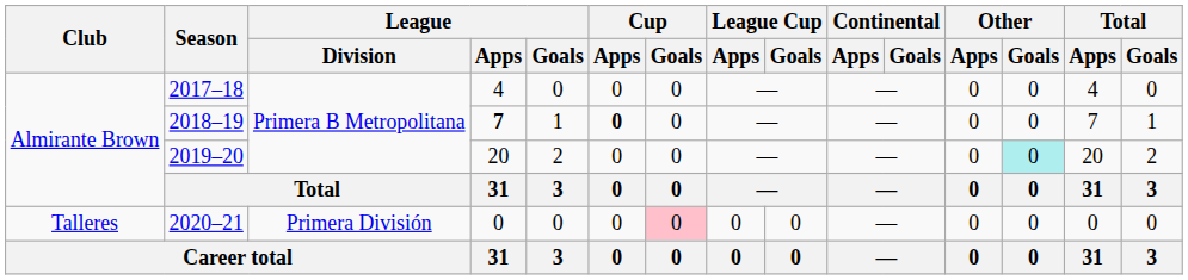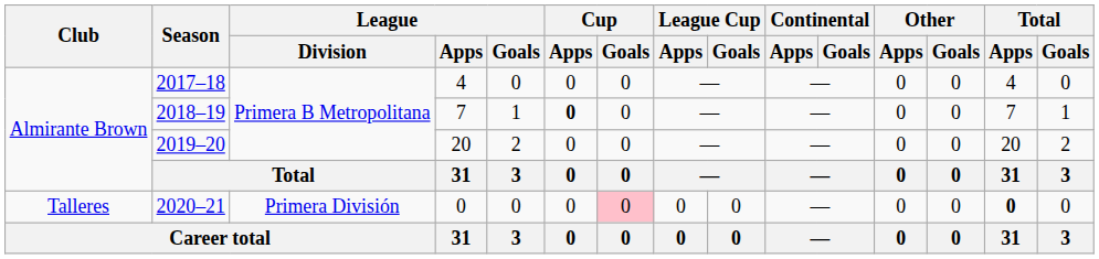 <table class="wikitable" style="text-align:center">
 <tr>
 <th rowspan="2">Club</th>
 <th rowspan="2">Season</th>
 <th colspan="3">League</th>
 <th colspan="2">Cup</th>
 <th colspan="2">League Cup</th>
 <th colspan="2">Continental</th>
 <th colspan="2">Other</th>
 <th colspan="2">Total</th>
 </tr>
 <tr>
 <th>Division</th>
 <th>Apps</th>
 <th>Goals</th>
 <th>Apps</th>
 <th>Goals</th>
 <th>Apps</th>
 <th>Goals</th>
 <th>Apps</th>
 <th>Goals</th>
 <th>Apps</th>
 <th>Goals</th>
 <th>Apps</th>
 <th>Goals</th>
 </tr>
 <tr>
 <td rowspan="4"><a href='#'>Almirante Brown</a></td>
 <td><a href='#'>2017–18</a></td>
 <td rowspan="3"><a href='#'>Primera B Metropolitana</a></td>
 <td>4</td>
 <td>0</td>
 <td>0</td>
 <td>0</td>
 <td colspan="2">—</td>
 <td colspan="2">—</td>
 <td>0</td>
 <td>0</td>
 <td>4</td>
 <td>0</td>
 </tr>
 <tr>
 <td><a href='#'>2018–19</a></td>
-<td><strong>7</strong></td>
+<td>7</td>
 <td>1</td>
 <td><strong>0</strong></td>
 <td>0</td>
 <td colspan="2">—</td>
 <td colspan="2">—</td>
 <td>0</td>
 <td>0</td>
 <td>7</td>
 <td>1</td>
 </tr>
 <tr>
 <td><a href='#'>2019–20</a></td>
 <td>20</td>
 <td>2</td>
 <td>0</td>
 <td>0</td>
 <td colspan="2">—</td>
 <td colspan="2">—</td>
 <td>0</td>
-<td style="background: paleturquoise;">0</td>
+<td>0</td>
 <td>20</td>
 <td>2</td>
 </tr>
 <tr>
 <th colspan="2">Total</th>
 <th>31</th>
 <th>3</th>
 <th>0</th>
 <th>0</th>
 <th colspan="2">—</th>
 <th colspan="2">—</th>
 <th>0</th>
 <th>0</th>
 <th>31</th>
 <th>3</th>
 </tr>
 <tr>
 <td rowspan="1"><a href='#'>Talleres</a></td>
 <td><a href='#'>2020–21</a></td>
 <td rowspan="1"><a href='#'>Primera División</a></td>
 <td>0</td>
 <td>0</td>
 <td>0</td>
 <td style="background: pink;">0</td>
 <td>0</td>
 <td>0</td>
 <td colspan="2">—</td>
 <td>0</td>
 <td>0</td>
-<td>0</td>
+<td><strong>0</strong></td>
 <td>0</td>
 </tr>
 <tr>
 <th colspan="3">Career total</th>
 <th>31</th>
 <th>3</th>
 <th>0</th>
 <th>0</th>
 <th>0</th>
 <th>0</th>
 <th colspan="2">—</th>
 <th>0</th>
 <th>0</th>
 <th>31</th>
 <th>3</th>
 </tr>
 </table>
